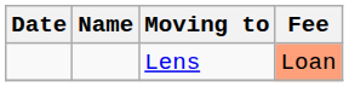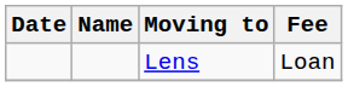 <table class="wikitable sortable">
 <tr>
 <th>Date</th>
 <th>Name</th>
 <th>Moving to</th>
 <th>Fee</th>
 </tr>
 <tr>
 <td><strong></strong></td>
 <td> </td>
 <td><a href='#'>Lens</a></td>
-<td style="background: lightsalmon;">Loan</td>
+<td>Loan</td>
 </tr>
 <tr>
 </tr>
 </table>
